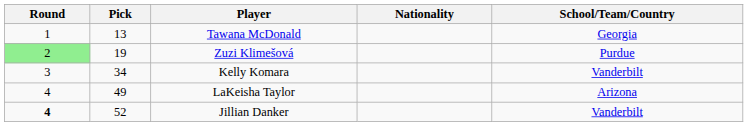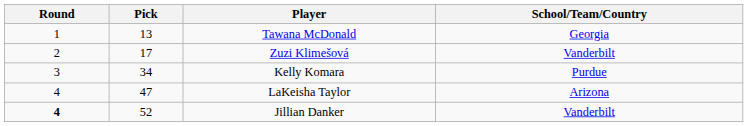 <table class="wikitable" style="text-align:center; width:60em">
 <tr>
 <th>Round</th>
 <th>Pick</th>
 <th>Player</th>
-<th>Nationality</th>
 <th>School/Team/Country</th>
 </tr>
 <tr>
 <td>1</td>
 <td>13</td>
 <td><a href='#'>Tawana McDonald</a></td>
-<td></td>
 <td><a href='#'>Georgia</a></td>
 </tr>
 <tr>
-<td style="background: lightgreen;">2</td>
-<td>19</td>
+<td>2</td>
+<td>17</td>
 <td><a href='#'>Zuzi Klimešová</a></td>
-<td></td>
-<td><a href='#'>Purdue</a></td>
+<td><a href='#'>Vanderbilt</a></td>
 </tr>
 <tr>
 <td>3</td>
 <td>34</td>
 <td>Kelly Komara</td>
-<td></td>
-<td><a href='#'>Vanderbilt</a></td>
+<td><a href='#'>Purdue</a></td>
 </tr>
 <tr>
 <td>4</td>
-<td>49</td>
+<td>47</td>
 <td>LaKeisha Taylor</td>
-<td></td>
 <td><a href='#'>Arizona</a></td>
 </tr>
 <tr>
 <td><strong>4</strong></td>
 <td>52</td>
 <td>Jillian Danker</td>
-<td></td>
 <td><a href='#'>Vanderbilt</a></td>
 </tr>
 </table>
